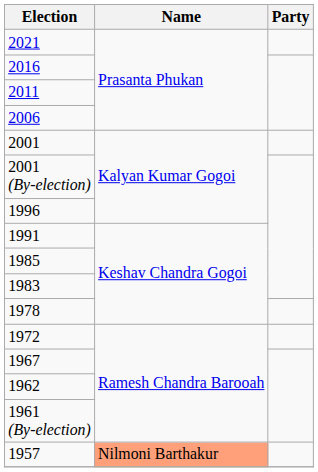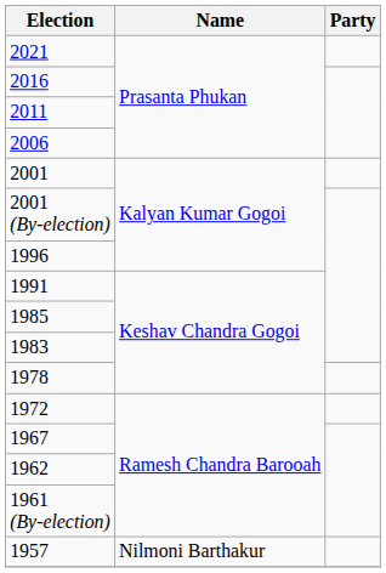 <table class="wikitable sortable">
 <tr>
 <th>Election</th>
 <th>Name</th>
 <th colspan="2">Party</th>
 </tr>
 <tr>
 <td><a href='#'>2021</a></td>
 <td rowspan="4"><a href='#'>Prasanta Phukan</a></td>
 <td></td>
 </tr>
 <tr>
 <td><a href='#'>2016</a></td>
 </tr>
 <tr>
 <td><a href='#'>2011</a></td>
 </tr>
 <tr>
 <td><a href='#'>2006</a></td>
 </tr>
 <tr>
 <td>2001</td>
 <td rowspan="3"><a href='#'>Kalyan Kumar Gogoi</a></td>
 <td></td>
 </tr>
 <tr>
 <td>2001 <br><em>(By-election)</em></td>
 </tr>
 <tr>
 <td>1996</td>
 </tr>
 <tr>
 <td>1991</td>
 <td rowspan="4"><a href='#'>Keshav Chandra Gogoi</a></td>
 </tr>
 <tr>
 <td>1985</td>
 </tr>
 <tr>
 <td>1983</td>
 </tr>
 <tr>
 <td>1978</td>
 <td></td>
 </tr>
 <tr>
 <td>1972</td>
 <td rowspan="4"><a href='#'>Ramesh Chandra Barooah</a></td>
 <td></td>
 </tr>
 <tr>
 <td>1967</td>
 </tr>
 <tr>
 <td>1962</td>
 </tr>
 <tr>
 <td>1961<br><em>(By-election)</em></td>
 </tr>
 <tr>
 <td>1957</td>
-<td style="background: lightsalmon;">Nilmoni Barthakur</td>
+<td>Nilmoni Barthakur</td>
 <td></td>
 </tr>
 <tr>
 </tr>
 </table>
